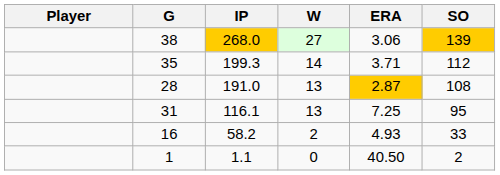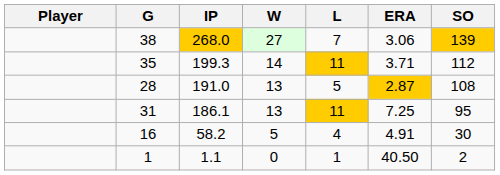 <table class="wikitable sortable">
 <tr>
 <th bgcolor="#DDDDFF" width="16%">Player</th>
 <th bgcolor="#DDDDFF" width="9%">G</th>
 <th bgcolor="#DDDDFF" width="9%">IP</th>
 <th bgcolor="#DDDDFF" width="9%">W</th>
+<th bgcolor="#DDDDFF" width="9%">L</th>
 <th bgcolor="#DDDDFF" width="9%">ERA</th>
 <th bgcolor="#DDDDFF" width="9%">SO</th>
 </tr>
 <tr align="center">
 <td></td>
 <td>38</td>
 <td style="background:#fc0;">268.0</td>
 <td style="background:#DDFFDD;">27</td>
+<td>7</td>
 <td>3.06</td>
 <td style="background:#fc0;">139</td>
 </tr>
 <tr align="center">
 <td></td>
 <td>35</td>
 <td>199.3</td>
 <td>14</td>
+<td style="background:#fc0;">11</td>
 <td>3.71</td>
 <td>112</td>
 </tr>
 <tr align="center">
 <td></td>
 <td>28</td>
 <td>191.0</td>
 <td>13</td>
+<td>5</td>
 <td style="background:#fc0;">2.87</td>
 <td>108</td>
 </tr>
 <tr align="center">
 <td></td>
 <td>31</td>
-<td>116.1</td>
+<td>186.1</td>
 <td>13</td>
+<td style="background:#fc0;">11</td>
 <td>7.25</td>
 <td>95</td>
 </tr>
 <tr align="center">
 <td></td>
 <td>16</td>
 <td>58.2</td>
-<td>2</td>
-<td>4.93</td>
-<td>33</td>
+<td>5</td>
+<td>4</td>
+<td>4.91</td>
+<td>30</td>
 </tr>
 <tr align="center">
 <td></td>
 <td>1</td>
 <td>1.1</td>
 <td>0</td>
+<td>1</td>
 <td>40.50</td>
 <td>2</td>
 </tr>
 </table>
